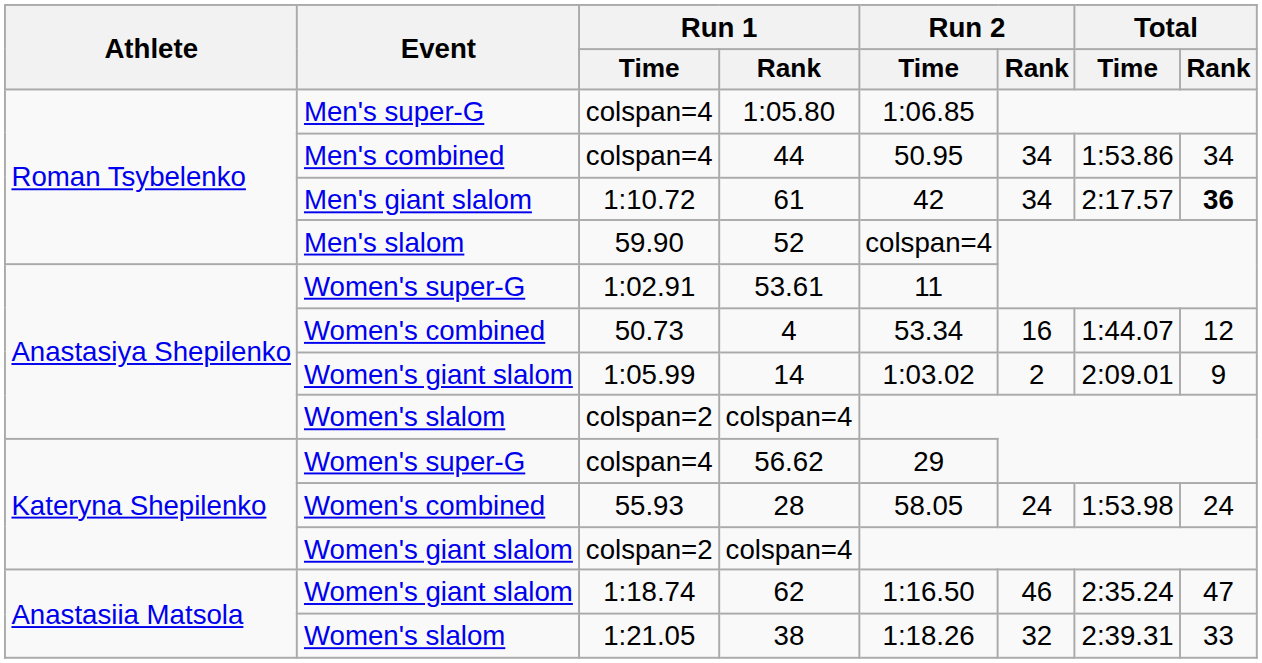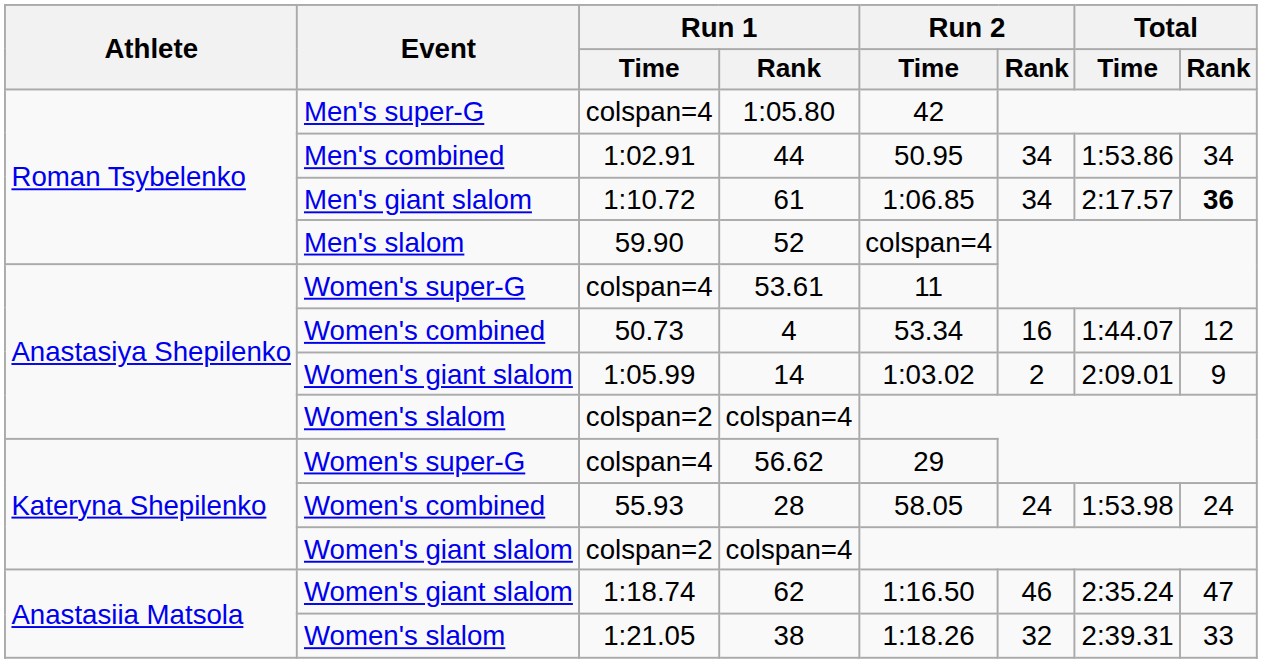 <table class=wikitable style=font-size:90%;text-align:center>
 <tr>
 <th rowspan=2>Athlete</th>
 <th rowspan=2>Event</th>
 <th colspan=2>Run 1</th>
 <th colspan=2>Run 2</th>
 <th colspan=2>Total</th>
 </tr>
 <tr style=font-size:95%>
 <th>Time</th>
 <th>Rank</th>
 <th>Time</th>
 <th>Rank</th>
 <th>Time</th>
 <th>Rank</th>
 </tr>
 <tr>
 <td rowspan="4" align="left"><a href='#'>Roman Tsybelenko</a></td>
 <td align=left><a href='#'>Men's super-G</a></td>
 <td>colspan=4 </td>
 <td>1:05.80</td>
-<td>1:06.85</td>
+<td>42</td>
 </tr>
 <tr>
 <td align=left><a href='#'>Men's сombined</a></td>
-<td>colspan=4 </td>
+<td>1:02.91</td>
 <td>44</td>
 <td>50.95</td>
 <td>34</td>
 <td>1:53.86</td>
 <td>34</td>
 </tr>
 <tr>
 <td align=left><a href='#'>Men's giant slalom</a></td>
 <td>1:10.72</td>
 <td>61</td>
-<td>42</td>
+<td>1:06.85</td>
 <td>34</td>
 <td>2:17.57</td>
 <td><strong>36</strong></td>
 </tr>
 <tr>
 <td align=left><a href='#'>Men's slalom</a></td>
 <td>59.90</td>
 <td>52</td>
 <td>colspan=4 </td>
 </tr>
 <tr>
 <td rowspan="4" align="left"><a href='#'>Anastasiya Shepilenko</a></td>
 <td align="left"><a href='#'>Women's super-G</a></td>
-<td>1:02.91</td>
+<td>colspan=4 </td>
 <td>53.61</td>
 <td>11</td>
 </tr>
 <tr>
 <td align="left"><a href='#'>Women's combined</a></td>
 <td>50.73</td>
 <td>4</td>
 <td>53.34</td>
 <td>16</td>
 <td>1:44.07</td>
 <td>12</td>
 </tr>
 <tr>
 <td align="left"><a href='#'>Women's giant slalom</a></td>
 <td>1:05.99</td>
 <td>14</td>
 <td>1:03.02</td>
 <td>2</td>
 <td>2:09.01</td>
 <td>9</td>
 </tr>
 <tr>
 <td align="left"><a href='#'>Women's slalom</a></td>
 <td>colspan=2 </td>
 <td>colspan=4 </td>
 </tr>
 <tr>
 <td rowspan="3" align="left"><a href='#'>Kateryna Shepilenko</a></td>
 <td align="left"><a href='#'>Women's super-G</a></td>
 <td>colspan=4 </td>
 <td>56.62</td>
 <td>29</td>
 </tr>
 <tr>
 <td align="left"><a href='#'>Women's combined</a></td>
 <td>55.93</td>
 <td>28</td>
 <td>58.05</td>
 <td>24</td>
 <td>1:53.98</td>
 <td>24</td>
 </tr>
 <tr>
 <td align="left"><a href='#'>Women's giant slalom</a></td>
 <td>colspan=2 </td>
 <td>colspan=4 </td>
 </tr>
 <tr>
 <td rowspan="2" align="left"><a href='#'>Anastasiia Matsola</a></td>
 <td align="left"><a href='#'>Women's giant slalom</a></td>
 <td>1:18.74</td>
 <td>62</td>
 <td>1:16.50</td>
 <td>46</td>
 <td>2:35.24</td>
 <td>47</td>
 </tr>
 <tr>
 <td align="left"><a href='#'>Women's slalom</a></td>
 <td>1:21.05</td>
 <td>38</td>
 <td>1:18.26</td>
 <td>32</td>
 <td>2:39.31</td>
 <td>33</td>
 </tr>
 </table>
